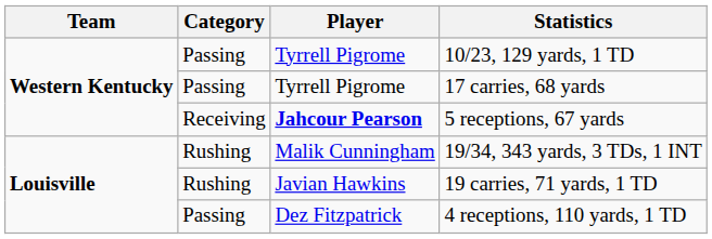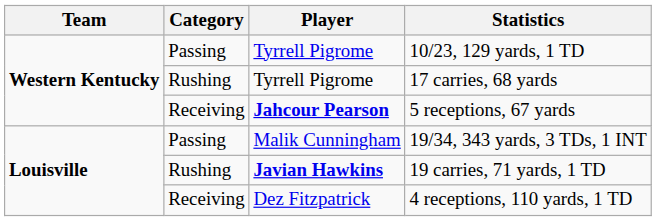 <table class="wikitable" style="float: left;">
 <tr>
 <th>Team</th>
 <th>Category</th>
 <th>Player</th>
 <th>Statistics</th>
 </tr>
 <tr>
 <td rowspan=3><strong>Western Kentucky</strong></td>
 <td>Passing</td>
 <td><a href='#'>Tyrrell Pigrome</a></td>
 <td>10/23, 129 yards, 1 TD</td>
 </tr>
 <tr>
-<td>Passing</td>
+<td>Rushing</td>
 <td>Tyrrell Pigrome</td>
 <td>17 carries, 68 yards</td>
 </tr>
 <tr>
 <td>Receiving</td>
 <td><strong><a href='#'>Jahcour Pearson</a></strong></td>
 <td>5 receptions, 67 yards</td>
 </tr>
 <tr>
 <td rowspan=3><strong>Louisville</strong></td>
-<td>Rushing</td>
+<td>Passing</td>
 <td><a href='#'>Malik Cunningham</a></td>
 <td>19/34, 343 yards, 3 TDs, 1 INT</td>
 </tr>
 <tr>
 <td>Rushing</td>
-<td><a href='#'>Javian Hawkins</a></td>
+<td><strong><a href='#'>Javian Hawkins</a></strong></td>
 <td>19 carries, 71 yards, 1 TD</td>
 </tr>
 <tr>
-<td>Passing</td>
+<td>Receiving</td>
 <td><a href='#'>Dez Fitzpatrick</a></td>
 <td>4 receptions, 110 yards, 1 TD</td>
 </tr>
 </table>
